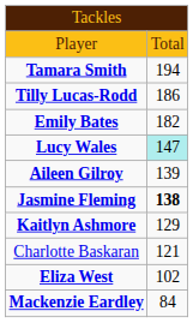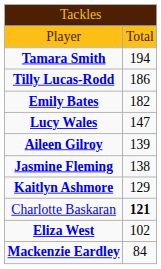 <table class="wikitable" style="text-align:center;">
 <tr>
 <td colspan="2" style="text-align:center; background: #4D2004; color: #FBBF15">Tackles</td>
 </tr>
 <tr>
 <td style="text-align:center; background: #FBBF15; color: #4D2004">Player</td>
 <td style="text-align:center; background: #FBBF15; color: #4D2004">Total</td>
 </tr>
 <tr>
 <td><strong><a href='#'>Tamara Smith</a></strong></td>
 <td>194</td>
 </tr>
 <tr>
 <td><strong><a href='#'>Tilly Lucas-Rodd</a></strong></td>
 <td>186</td>
 </tr>
 <tr>
 <td><strong><a href='#'>Emily Bates</a></strong></td>
 <td>182</td>
 </tr>
 <tr>
 <td><strong><a href='#'>Lucy Wales</a></strong></td>
-<td style="background: paleturquoise;">147</td>
+<td>147</td>
 </tr>
 <tr>
 <td><strong><a href='#'>Aileen Gilroy</a></strong></td>
 <td>139</td>
 </tr>
 <tr>
 <td><strong><a href='#'>Jasmine Fleming</a></strong></td>
-<td><strong>138</strong></td>
+<td>138</td>
 </tr>
 <tr>
 <td><strong><a href='#'>Kaitlyn Ashmore</a></strong></td>
 <td>129</td>
 </tr>
 <tr>
 <td><a href='#'>Charlotte Baskaran</a></td>
-<td>121</td>
+<td><strong>121</strong></td>
 </tr>
 <tr>
 <td><strong><a href='#'>Eliza West</a></strong></td>
 <td>102</td>
 </tr>
 <tr>
 <td><strong><a href='#'>Mackenzie Eardley</a></strong></td>
 <td>84</td>
 </tr>
 </table>
